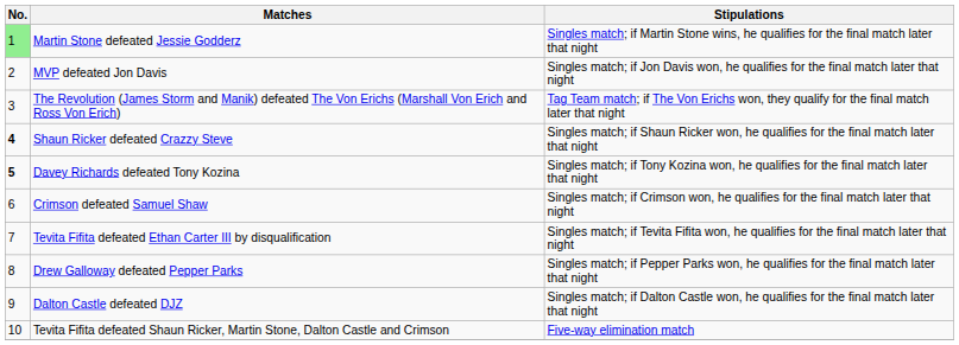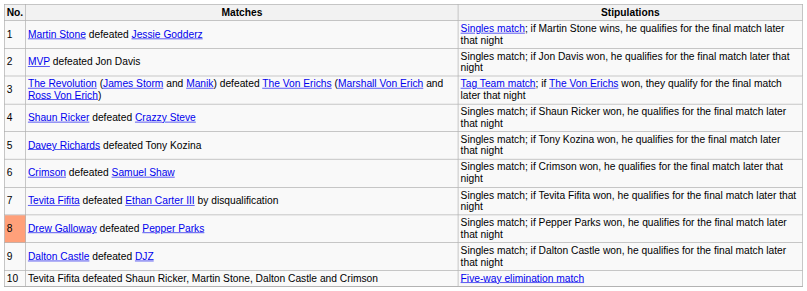 <table class="wikitable">
 <tr>
 <th><strong>No.</strong></th>
 <th><strong>Matches</strong></th>
 <th><strong>Stipulations</strong></th>
 </tr>
 <tr>
-<td style="background: lightgreen;">1</td>
+<td>1</td>
 <td><a href='#'>Martin Stone</a> defeated <a href='#'>Jessie Godderz</a></td>
 <td><a href='#'>Singles match</a>; if Martin Stone wins, he qualifies for the final match later that night</td>
 </tr>
 <tr>
 <td>2</td>
 <td><a href='#'>MVP</a> defeated Jon Davis</td>
 <td>Singles match; if Jon Davis won, he qualifies for the final match later that night</td>
 </tr>
 <tr>
 <td>3</td>
 <td><a href='#'>The Revolution</a> (<a href='#'>James Storm</a> and <a href='#'>Manik</a>) defeated <a href='#'>The Von Erichs</a> (<a href='#'>Marshall Von Erich</a> and <a href='#'>Ross Von Erich</a>)</td>
 <td><a href='#'>Tag Team match</a>; if <a href='#'>The Von Erichs</a> won, they qualify for the final match later that night</td>
 </tr>
 <tr>
-<td><strong>4</strong></td>
+<td>4</td>
 <td><a href='#'>Shaun Ricker</a> defeated <a href='#'>Crazzy Steve</a></td>
 <td>Singles match; if Shaun Ricker won, he qualifies for the final match later that night</td>
 </tr>
 <tr>
-<td><strong>5</strong></td>
+<td>5</td>
 <td><a href='#'>Davey Richards</a> defeated Tony Kozina</td>
 <td>Singles match; if Tony Kozina won, he qualifies for the final match later that night</td>
 </tr>
 <tr>
 <td>6</td>
 <td><a href='#'>Crimson</a> defeated <a href='#'>Samuel Shaw</a></td>
 <td>Singles match; if Crimson won, he qualifies for the final match later that night</td>
 </tr>
 <tr>
 <td>7</td>
 <td><a href='#'>Tevita Fifita</a> defeated <a href='#'>Ethan Carter III</a> by disqualification</td>
 <td>Singles match; if Tevita Fifita won, he qualifies for the final match later that night</td>
 </tr>
 <tr>
-<td>8</td>
+<td style="background: lightsalmon;">8</td>
 <td><a href='#'>Drew Galloway</a> defeated <a href='#'>Pepper Parks</a></td>
 <td>Singles match; if Pepper Parks won, he qualifies for the final match later that night</td>
 </tr>
 <tr>
 <td>9</td>
 <td><a href='#'>Dalton Castle</a> defeated <a href='#'>DJZ</a></td>
 <td>Singles match; if Dalton Castle won, he qualifies for the final match later that night</td>
 </tr>
 <tr>
 <td>10</td>
 <td>Tevita Fifita defeated Shaun Ricker, Martin Stone, Dalton Castle and Crimson</td>
 <td><a href='#'>Five-way elimination match</a></td>
 </tr>
 <tr>
 </tr>
 </table>
